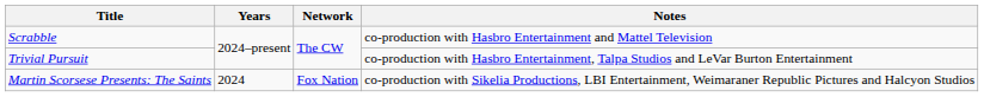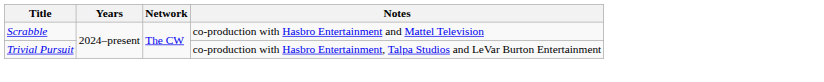 <table class="wikitable sortable">
 <tr>
 <th>Title</th>
 <th>Years</th>
 <th>Network</th>
 <th>Notes</th>
 </tr>
 <tr>
 <td><em><a href='#'>Scrabble</a></em></td>
 <td rowspan="2">2024–present</td>
 <td rowspan="2"><a href='#'>The CW</a></td>
 <td>co-production with <a href='#'>Hasbro Entertainment</a> and <a href='#'>Mattel Television</a></td>
 </tr>
 <tr>
 <td><em><a href='#'>Trivial Pursuit</a></em></td>
 <td>co-production with <a href='#'>Hasbro Entertainment</a>, <a href='#'>Talpa Studios</a> and LeVar Burton Entertainment</td>
 </tr>
-<tr>
-<td><em><a href='#'>Martin Scorsese Presents: The Saints</a></em></td>
-<td>2024</td>
-<td><a href='#'>Fox Nation</a></td>
-<td>co-production with <a href='#'>Sikelia Productions</a>, LBI Entertainment, Weimaraner Republic Pictures and Halcyon Studios</td>
-</tr>
 </table>
